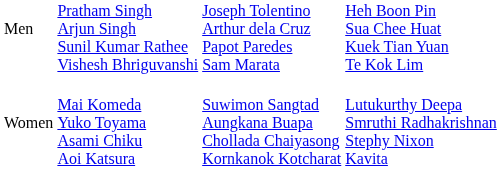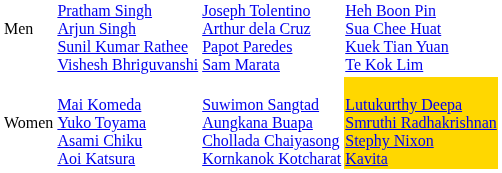 <table>
 <tr>
 <td>Men</td>
 <td><br><a href='#'>Pratham Singh</a><br><a href='#'>Arjun Singh</a><br><a href='#'>Sunil Kumar Rathee</a><br><a href='#'>Vishesh Bhriguvanshi</a></td>
 <td><br><a href='#'>Joseph Tolentino</a><br><a href='#'>Arthur dela Cruz</a><br><a href='#'>Papot Paredes</a><br><a href='#'>Sam Marata</a></td>
 <td><br><a href='#'>Heh Boon Pin</a><br><a href='#'>Sua Chee Huat</a><br><a href='#'>Kuek Tian Yuan</a><br><a href='#'>Te Kok Lim</a></td>
 </tr>
 <tr>
 <td>Women</td>
 <td><br><a href='#'>Mai Komeda</a><br><a href='#'>Yuko Toyama</a><br><a href='#'>Asami Chiku</a><br><a href='#'>Aoi Katsura</a></td>
 <td><br><a href='#'>Suwimon Sangtad</a><br><a href='#'>Aungkana Buapa</a><br><a href='#'>Chollada Chaiyasong</a><br><a href='#'>Kornkanok Kotcharat</a></td>
-<td><br><a href='#'>Lutukurthy Deepa</a><br><a href='#'>Smruthi Radhakrishnan</a><br><a href='#'>Stephy Nixon</a><br><a href='#'>Kavita</a></td>
+<td style="background: gold;"><br><a href='#'>Lutukurthy Deepa</a><br><a href='#'>Smruthi Radhakrishnan</a><br><a href='#'>Stephy Nixon</a><br><a href='#'>Kavita</a></td>
 </tr>
 </table>
